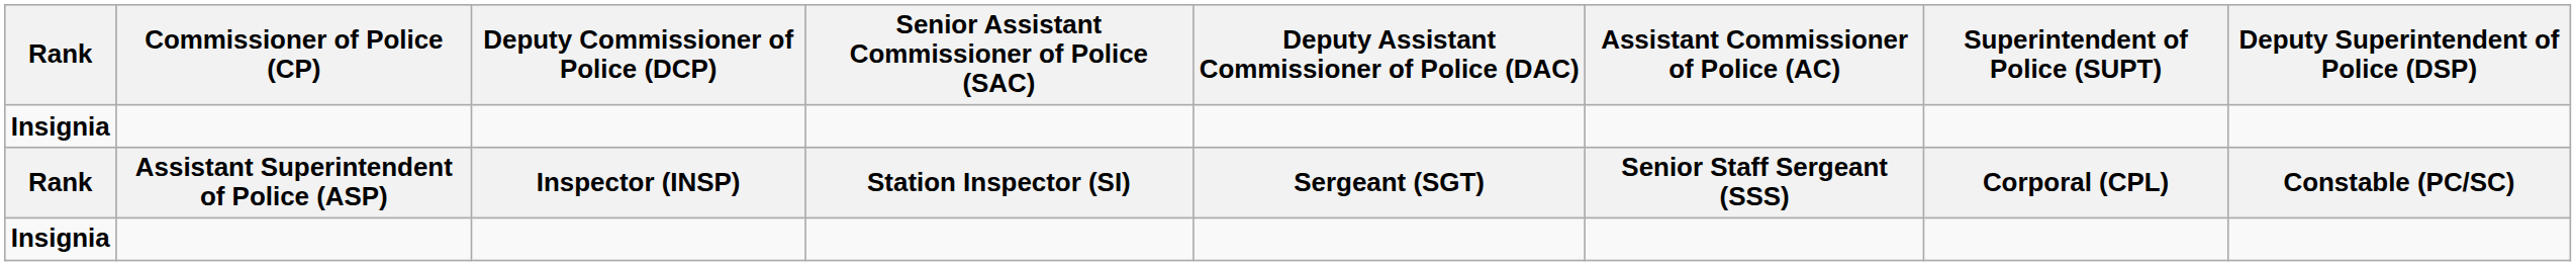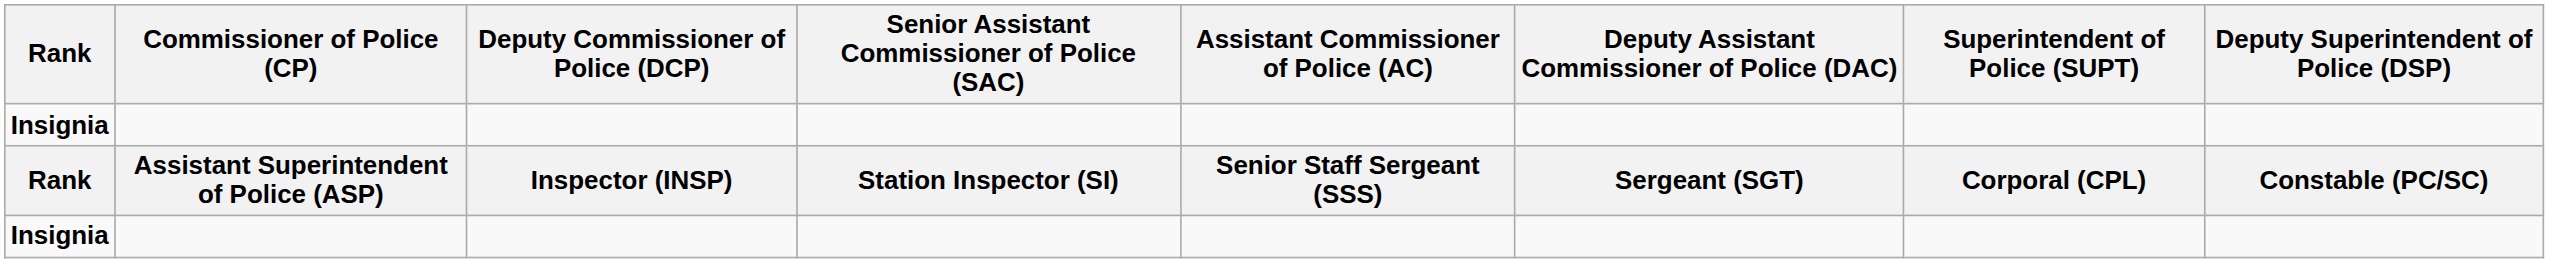 <table class="wikitable" style="text-align:center">
 <tr>
 <th><strong>Rank</strong></th>
 <th>Commissioner of Police (CP)</th>
 <th>Deputy Commissioner of Police (DCP)</th>
 <th>Senior Assistant Commissioner of Police (SAC)</th>
+<th>Assistant Commissioner of Police (AC)</th>
 <th>Deputy Assistant Commissioner of Police (DAC)</th>
-<th>Assistant Commissioner of Police (AC)</th>
 <th>Superintendent of Police (SUPT)</th>
 <th>Deputy Superintendent of Police (DSP)</th>
 </tr>
 <tr>
 <td><strong>Insignia</strong></td>
 <td></td>
 <td></td>
 <td></td>
 <td></td>
 <td></td>
 <td></td>
 <td></td>
 </tr>
 <tr>
 <th><strong>Rank</strong></th>
 <th>Assistant Superintendent of Police (ASP)</th>
 <th>Inspector (INSP)</th>
 <th>Station Inspector (SI)</th>
+<th>Senior Staff Sergeant (SSS)</th>
 <th>Sergeant (SGT)</th>
-<th>Senior Staff Sergeant (SSS)</th>
 <th>Corporal (CPL)</th>
 <th>Constable (PC/SC)</th>
 </tr>
 <tr>
 <td><strong>Insignia</strong></td>
 <td></td>
 <td></td>
 <td></td>
 <td></td>
 <td></td>
 <td></td>
 <td></td>
 </tr>
 </table>
